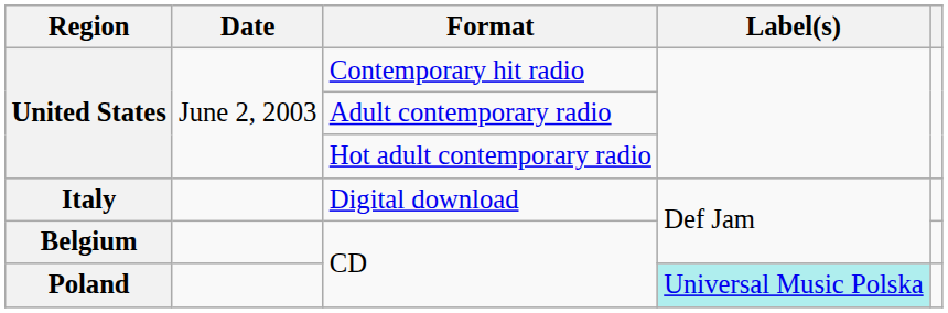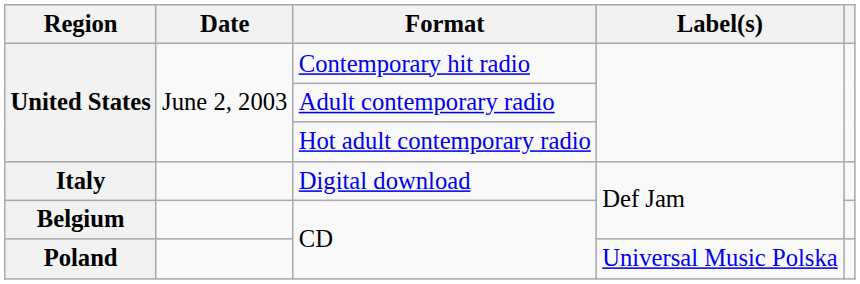 <table class="wikitable plainrowheaders">
 <tr>
 <th scope="col">Region</th>
 <th scope="col">Date</th>
 <th scope="col">Format</th>
 <th scope="col">Label(s)</th>
 <th scope="col"></th>
 </tr>
 <tr>
 <th scope="row" rowspan="3">United States</th>
 <td rowspan="3">June 2, 2003</td>
 <td><a href='#'>Contemporary hit radio</a></td>
 <td rowspan="3"></td>
 <td rowspan="3" align="center"></td>
 </tr>
 <tr>
 <td><a href='#'>Adult contemporary radio</a></td>
 </tr>
 <tr>
 <td><a href='#'>Hot adult contemporary radio</a></td>
 </tr>
 <tr>
 <th scope="row">Italy</th>
 <td></td>
 <td><a href='#'>Digital download</a></td>
 <td rowspan="2">Def Jam</td>
 <td></td>
 </tr>
 <tr>
 <th scope="row">Belgium</th>
 <td></td>
 <td rowspan="2">CD</td>
 <td></td>
 </tr>
 <tr>
 <th scope="row">Poland</th>
 <td></td>
-<td style="background: paleturquoise;"><a href='#'>Universal Music Polska</a></td>
+<td><a href='#'>Universal Music Polska</a></td>
 <td align="center"></td>
 </tr>
 </table>
